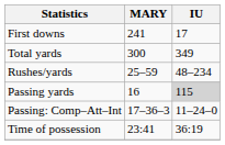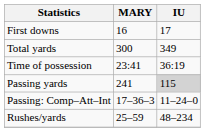 <table class="wikitable" style="float: left;">
 <tr>
 <th>Statistics</th>
 <th>MARY</th>
 <th>IU</th>
 </tr>
 <tr>
 <td>First downs</td>
-<td>241</td>
+<td>16</td>
 <td>17</td>
 </tr>
 <tr>
 <td>Total yards</td>
 <td>300</td>
 <td>349</td>
 </tr>
 <tr>
-<td>Rushes/yards</td>
-<td>25–59</td>
-<td>48–234</td>
+<td>Time of possession</td>
+<td>23:41</td>
+<td>36:19</td>
 </tr>
 <tr>
 <td>Passing yards</td>
-<td>16</td>
+<td>241</td>
 <td style="background: lightgrey;">115</td>
 </tr>
 <tr>
 <td>Passing: Comp–Att–Int</td>
 <td>17–36–3</td>
 <td>11–24–0</td>
 </tr>
 <tr>
-<td>Time of possession</td>
-<td>23:41</td>
-<td>36:19</td>
+<td>Rushes/yards</td>
+<td>25–59</td>
+<td>48–234</td>
 </tr>
 <tr>
 </tr>
 </table>
